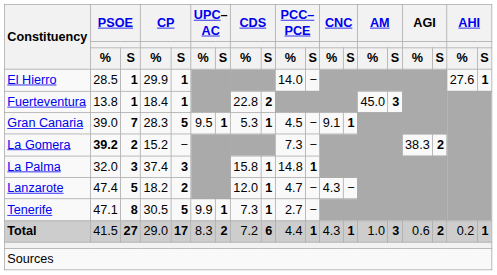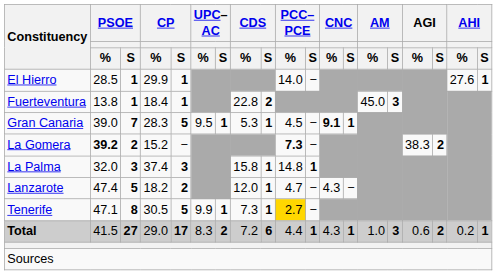 <table class="wikitable sortable" style="text-align:right; line-height:20px;">
 <tr>
 <th rowspan="3">Constituency</th>
 <th colspan="2" width="30px" class="unsortable"><a href='#'>PSOE</a></th>
 <th colspan="2" width="30px" class="unsortable"><a href='#'>CP</a></th>
 <th colspan="2" width="30px" class="unsortable"><a href='#'>UPC</a>–<a href='#'>AC</a></th>
 <th colspan="2" width="30px" class="unsortable"><a href='#'>CDS</a></th>
 <th colspan="2" width="30px" class="unsortable"><a href='#'>PCC–PCE</a></th>
 <th colspan="2" width="30px" class="unsortable"><a href='#'>CNC</a></th>
 <th colspan="2" width="30px" class="unsortable"><a href='#'>AM</a></th>
 <th colspan="2" width="30px" class="unsortable">AGI</th>
 <th colspan="2" width="30px" class="unsortable"><a href='#'>AHI</a></th>
 </tr>
 <tr>
 <th colspan="2" style="background:"></th>
 <th colspan="2" style="background:"></th>
 <th colspan="2" style="background:"></th>
 <th colspan="2" style="background:"></th>
 <th colspan="2" style="background:"></th>
 <th colspan="2" style="background:"></th>
 <th colspan="2" style="background:"></th>
 <th colspan="2" style="background:"></th>
 <th colspan="2" style="background:"></th>
 </tr>
 <tr>
 <th data-sort-type="number">%</th>
 <th data-sort-type="number">S</th>
 <th data-sort-type="number">%</th>
 <th data-sort-type="number">S</th>
 <th data-sort-type="number">%</th>
 <th data-sort-type="number">S</th>
 <th data-sort-type="number">%</th>
 <th data-sort-type="number">S</th>
 <th data-sort-type="number">%</th>
 <th data-sort-type="number">S</th>
 <th data-sort-type="number">%</th>
 <th data-sort-type="number">S</th>
 <th data-sort-type="number">%</th>
 <th data-sort-type="number">S</th>
 <th data-sort-type="number">%</th>
 <th data-sort-type="number">S</th>
 <th data-sort-type="number">%</th>
 <th data-sort-type="number">S</th>
 </tr>
 <tr>
 <td align="left"><a href='#'>El Hierro</a></td>
 <td>28.5</td>
 <td><strong>1</strong></td>
 <td style="background:">29.9</td>
 <td><strong>1</strong></td>
 <td colspan="2" rowspan="2" bgcolor="#AAAAAA"></td>
 <td colspan="2" bgcolor="#AAAAAA"></td>
 <td>14.0</td>
 <td>−</td>
 <td colspan="2" rowspan="2" bgcolor="#AAAAAA"></td>
 <td colspan="2" bgcolor="#AAAAAA"></td>
 <td colspan="2" rowspan="3" bgcolor="#AAAAAA"></td>
 <td>27.6</td>
 <td><strong>1</strong></td>
 </tr>
 <tr>
 <td align="left"><a href='#'>Fuerteventura</a></td>
 <td>13.8</td>
 <td><strong>1</strong></td>
 <td>18.4</td>
 <td><strong>1</strong></td>
 <td>22.8</td>
 <td><strong>2</strong></td>
 <td colspan="2" bgcolor="#AAAAAA"></td>
 <td style="background:">45.0</td>
 <td><strong>3</strong></td>
 <td colspan="2" rowspan="6" bgcolor="#AAAAAA"></td>
 </tr>
 <tr>
 <td align="left"><a href='#'>Gran Canaria</a></td>
 <td style="background:">39.0</td>
 <td><strong>7</strong></td>
 <td>28.3</td>
 <td><strong>5</strong></td>
 <td>9.5</td>
 <td><strong>1</strong></td>
 <td>5.3</td>
 <td><strong>1</strong></td>
 <td>4.5</td>
 <td>−</td>
-<td>9.1</td>
+<td><strong>9.1</strong></td>
 <td><strong>1</strong></td>
 <td colspan="2" rowspan="5" bgcolor="#AAAAAA"></td>
 </tr>
 <tr>
 <td align="left"><a href='#'>La Gomera</a></td>
 <td style="background:"><strong>39.2</strong></td>
 <td><strong>2</strong></td>
 <td>15.2</td>
 <td>−</td>
 <td colspan="2" rowspan="3" bgcolor="#AAAAAA"></td>
 <td colspan="2" bgcolor="#AAAAAA"></td>
-<td>7.3</td>
+<td><strong>7.3</strong></td>
 <td>−</td>
 <td colspan="2" rowspan="2" bgcolor="#AAAAAA"></td>
 <td>38.3</td>
 <td><strong>2</strong></td>
 </tr>
 <tr>
 <td align="left"><a href='#'>La Palma</a></td>
 <td>32.0</td>
 <td><strong>3</strong></td>
 <td style="background:">37.4</td>
 <td><strong>3</strong></td>
 <td>15.8</td>
 <td><strong>1</strong></td>
 <td>14.8</td>
 <td><strong>1</strong></td>
 <td colspan="2" rowspan="3" bgcolor="#AAAAAA"></td>
 </tr>
 <tr>
 <td align="left"><a href='#'>Lanzarote</a></td>
 <td style="background:">47.4</td>
 <td><strong>5</strong></td>
 <td>18.2</td>
 <td><strong>2</strong></td>
 <td>12.0</td>
 <td><strong>1</strong></td>
 <td>4.7</td>
 <td>−</td>
 <td>4.3</td>
 <td>−</td>
 </tr>
 <tr>
 <td align="left"><a href='#'>Tenerife</a></td>
 <td style="background:">47.1</td>
 <td><strong>8</strong></td>
 <td>30.5</td>
 <td><strong>5</strong></td>
 <td>9.9</td>
 <td><strong>1</strong></td>
 <td>7.3</td>
 <td><strong>1</strong></td>
-<td>2.7</td>
+<td style="background: gold;">2.7</td>
 <td>−</td>
 <td colspan="2" bgcolor="#AAAAAA"></td>
 </tr>
 <tr style="background:#CDCDCD;">
 <td align="left"><strong>Total</strong></td>
 <td style="background:">41.5</td>
 <td><strong>27</strong></td>
 <td>29.0</td>
 <td><strong>17</strong></td>
 <td>8.3</td>
 <td><strong>2</strong></td>
 <td>7.2</td>
 <td><strong>6</strong></td>
 <td>4.4</td>
 <td><strong>1</strong></td>
 <td>4.3</td>
 <td><strong>1</strong></td>
 <td>1.0</td>
 <td><strong>3</strong></td>
 <td>0.6</td>
 <td><strong>2</strong></td>
 <td>0.2</td>
 <td><strong>1</strong></td>
 </tr>
 <tr>
 <th colspan="19"></th>
 </tr>
 <tr>
 <th style="text-align:left; font-weight:normal; background:#F9F9F9" colspan="19">Sources</th>
 </tr>
 </table>
